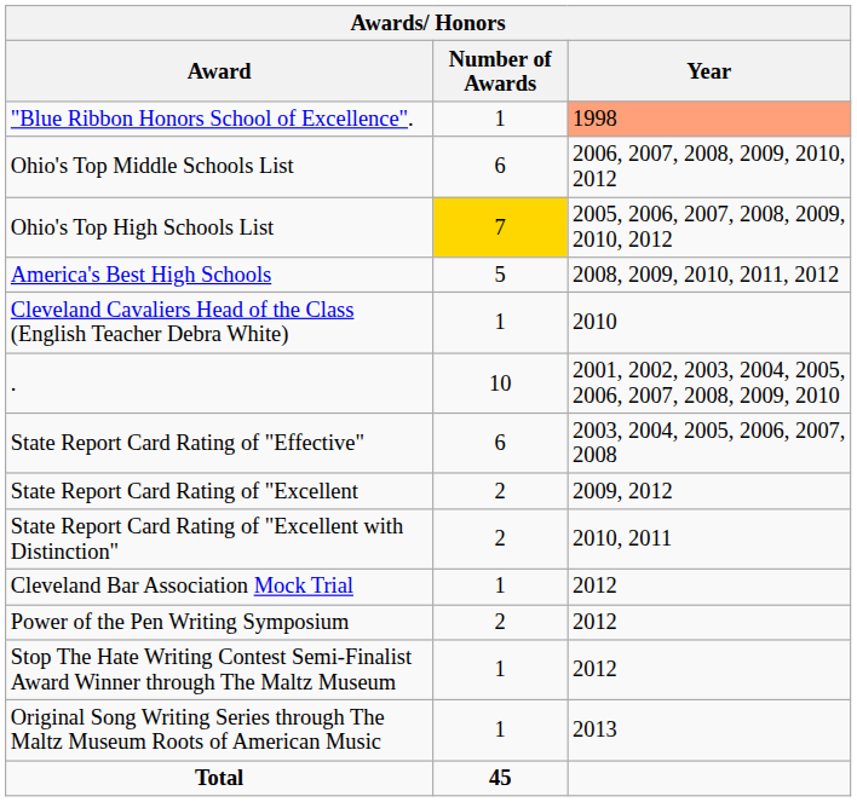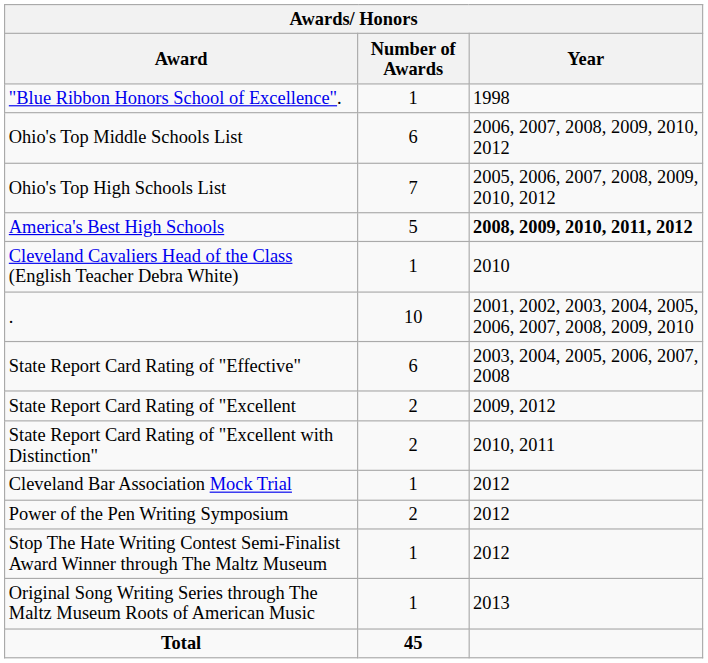 <table class="wikitable">
 <tr>
 <th colspan="3">Awards/ Honors</th>
 </tr>
 <tr>
 <th>Award</th>
 <th>Number of Awards</th>
 <th>Year</th>
 </tr>
 <tr>
 <td><a href='#'>"Blue Ribbon Honors School of Excellence"</a>.</td>
 <td align="center">1</td>
-<td style="background: lightsalmon;">1998</td>
+<td>1998</td>
 </tr>
 <tr>
 <td>Ohio's Top Middle Schools List</td>
 <td align="center">6</td>
 <td>2006, 2007, 2008, 2009, 2010, 2012</td>
 </tr>
 <tr>
 <td>Ohio's Top High Schools List</td>
-<td align="center" style="background: gold;">7</td>
+<td align="center">7</td>
 <td>2005, 2006, 2007, 2008, 2009, 2010, 2012</td>
 </tr>
 <tr>
 <td><a href='#'>America's Best High Schools</a></td>
 <td align="center">5</td>
-<td>2008, 2009, 2010, 2011, 2012</td>
+<td><strong>2008, 2009, 2010, 2011, 2012</strong></td>
 </tr>
 <tr>
 <td><a href='#'>Cleveland Cavaliers Head of the Class</a> (English Teacher Debra White)</td>
 <td align="center">1</td>
 <td>2010</td>
 </tr>
 <tr>
 <td>.</td>
 <td align="center">10</td>
 <td>2001, 2002, 2003, 2004, 2005, 2006, 2007, 2008, 2009, 2010</td>
 </tr>
 <tr>
 <td>State Report Card Rating of "Effective"</td>
 <td align="center">6</td>
 <td>2003, 2004, 2005, 2006, 2007, 2008</td>
 </tr>
 <tr>
 <td>State Report Card Rating of "Excellent</td>
 <td align="center">2</td>
 <td>2009, 2012</td>
 </tr>
 <tr>
 <td>State Report Card Rating of "Excellent with Distinction"</td>
 <td align="center">2</td>
 <td>2010, 2011</td>
 </tr>
 <tr>
 <td>Cleveland Bar Association <a href='#'>Mock Trial</a></td>
 <td align="center">1</td>
 <td>2012</td>
 </tr>
 <tr>
 <td>Power of the Pen Writing Symposium</td>
 <td align="center">2</td>
 <td>2012</td>
 </tr>
 <tr>
 <td>Stop The Hate Writing Contest Semi-Finalist Award Winner through The Maltz Museum</td>
 <td align="center">1</td>
 <td>2012</td>
 </tr>
 <tr>
 <td>Original Song Writing Series through The Maltz Museum Roots of American Music</td>
 <td align="center">1</td>
 <td>2013</td>
 </tr>
 <tr>
 <td align="center" colspan="1"><strong>Total</strong></td>
 <td align="center"><strong>45</strong></td>
 <td></td>
 </tr>
 </table>
